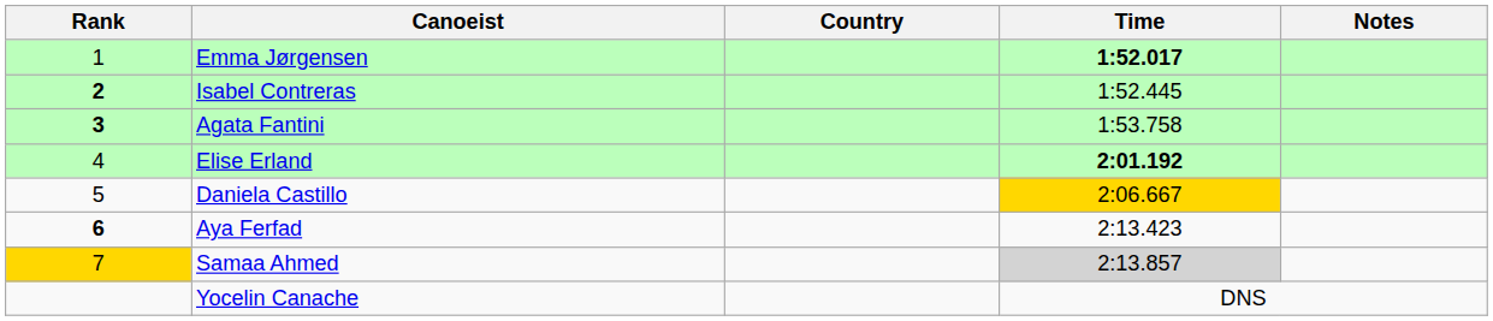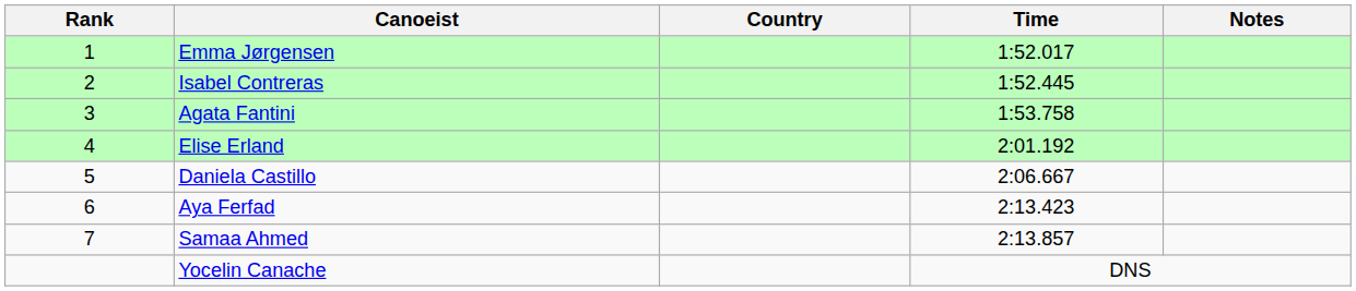 <table class="wikitable" style="text-align:center;width: 55%">
 <tr>
 <th>Rank</th>
 <th>Canoeist</th>
 <th>Country</th>
 <th>Time</th>
 <th>Notes</th>
 </tr>
 <tr bgcolor=bbffbb>
 <td>1</td>
 <td align="left"><a href='#'>Emma Jørgensen</a></td>
 <td align="left"></td>
-<td><strong>1:52.017</strong></td>
+<td>1:52.017</td>
 <td></td>
 </tr>
 <tr bgcolor=bbffbb>
-<td><strong>2</strong></td>
+<td>2</td>
 <td align="left"><a href='#'>Isabel Contreras</a></td>
 <td align="left"></td>
 <td>1:52.445</td>
 <td></td>
 </tr>
 <tr bgcolor=bbffbb>
-<td><strong>3</strong></td>
+<td>3</td>
 <td align="left"><a href='#'>Agata Fantini</a></td>
 <td align="left"></td>
 <td>1:53.758</td>
 <td></td>
 </tr>
 <tr bgcolor=bbffbb>
 <td>4</td>
 <td align="left"><a href='#'>Elise Erland</a></td>
 <td align="left"></td>
-<td><strong>2:01.192</strong></td>
+<td>2:01.192</td>
 <td></td>
 </tr>
 <tr>
 <td>5</td>
 <td align="left"><a href='#'>Daniela Castillo</a></td>
 <td align="left"></td>
-<td style="background: gold;">2:06.667</td>
+<td>2:06.667</td>
 <td></td>
 </tr>
 <tr>
-<td><strong>6</strong></td>
+<td>6</td>
 <td align="left"><a href='#'>Aya Ferfad</a></td>
 <td align="left"></td>
 <td>2:13.423</td>
 <td></td>
 </tr>
 <tr>
-<td style="background: gold;">7</td>
+<td>7</td>
 <td align="left"><a href='#'>Samaa Ahmed</a></td>
 <td align="left"></td>
-<td style="background: lightgrey;">2:13.857</td>
+<td>2:13.857</td>
 <td></td>
 </tr>
 <tr>
 <td></td>
 <td align="left"><a href='#'>Yocelin Canache</a></td>
 <td align="left"></td>
 <td colspan=2>DNS</td>
 </tr>
 </table>
